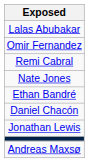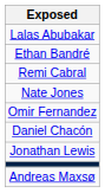 <table class="wikitable" style="text-align:center">
 <tr>
 <th>Exposed</th>
 </tr>
 <tr>
 <td><a href='#'>Lalas Abubakar</a></td>
 </tr>
 <tr>
-<td><a href='#'>Omir Fernandez</a></td>
+<td><a href='#'>Ethan Bandré</a></td>
 </tr>
 <tr>
 <td><a href='#'>Remi Cabral</a></td>
 </tr>
 <tr>
 <td><a href='#'>Nate Jones</a></td>
 </tr>
 <tr>
-<td><a href='#'>Ethan Bandré</a></td>
+<td><a href='#'>Omir Fernandez</a></td>
 </tr>
 <tr>
 <td><a href='#'>Daniel Chacón</a></td>
 </tr>
 <tr>
 <td><a href='#'>Jonathan Lewis</a></td>
 </tr>
 <tr>
 <td style="background: #002147"></td>
 </tr>
 <tr>
 <td><a href='#'>Andreas Maxsø</a></td>
 </tr>
 </table>
